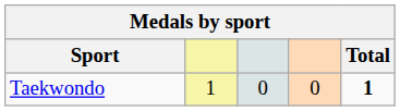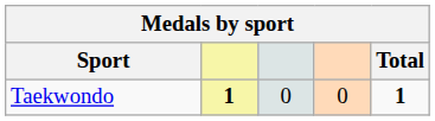 <table class="wikitable" style="font-size:90%; text-align:center;">
 <tr>
 <th colspan="5">Medals by sport</th>
 </tr>
 <tr>
 <th width="120">Sport</th>
 <th scope="col" width="30" style="background:#F7F6A8;"></th>
 <th scope="col" width="30" style="background:#DCE5E5;"></th>
 <th scope="col" width="30" style="background:#FFDAB9;"></th>
 <th width="30">Total</th>
 </tr>
 <tr>
 <td align="left"><a href='#'>Taekwondo</a></td>
-<td style="background:#F7F6A8;">1</td>
+<td style="background:#F7F6A8;"><strong>1</strong></td>
 <td style="background:#DCE5E5;">0</td>
 <td style="background:#FFDAB9;">0</td>
 <td><strong>1</strong></td>
 </tr>
 </table>
